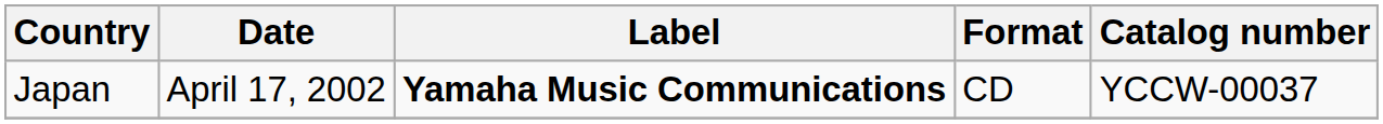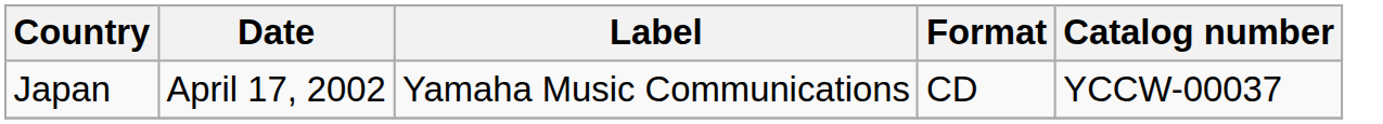 <table class="wikitable">
 <tr>
 <th>Country</th>
 <th>Date</th>
 <th>Label</th>
 <th>Format</th>
 <th>Catalog number</th>
 </tr>
 <tr>
 <td>Japan</td>
 <td>April 17, 2002</td>
-<td><strong>Yamaha Music Communications</strong></td>
+<td>Yamaha Music Communications</td>
 <td>CD</td>
 <td>YCCW-00037</td>
 </tr>
 <tr>
 </tr>
 </table>
